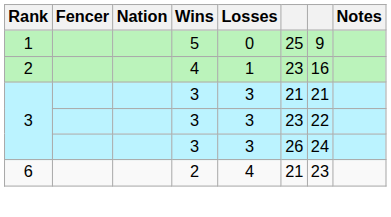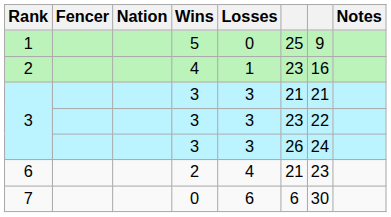 <table class="wikitable sortable" style="text-align:center">
 <tr>
 <th>Rank</th>
 <th>Fencer</th>
 <th>Nation</th>
 <th>Wins</th>
 <th>Losses</th>
 <th></th>
 <th></th>
 <th>Notes</th>
 </tr>
 <tr style="background:#bbf3bb;">
 <td>1</td>
 <td align=left></td>
 <td align=left></td>
 <td>5</td>
 <td>0</td>
 <td>25</td>
 <td>9</td>
 <td></td>
 </tr>
 <tr style="background:#bbf3bb;">
 <td>2</td>
 <td align=left></td>
 <td align=left></td>
 <td>4</td>
 <td>1</td>
 <td>23</td>
 <td>16</td>
 <td></td>
 </tr>
 <tr style="background:#bbf3ff;">
 <td rowspan=3>3</td>
 <td align=left></td>
 <td align=left></td>
 <td>3</td>
 <td>3</td>
 <td>21</td>
 <td>21</td>
 <td></td>
 </tr>
 <tr style="background:#bbf3ff;">
 <td align=left></td>
 <td align=left></td>
 <td>3</td>
 <td>3</td>
 <td>23</td>
 <td>22</td>
 <td></td>
 </tr>
 <tr style="background:#bbf3ff;">
 <td align=left></td>
 <td align=left></td>
 <td>3</td>
 <td>3</td>
 <td>26</td>
 <td>24</td>
 <td></td>
 </tr>
 <tr>
 <td>6</td>
 <td align=left></td>
 <td align=left></td>
 <td>2</td>
 <td>4</td>
 <td>21</td>
 <td>23</td>
 <td></td>
 </tr>
+<tr>
+<td>7</td>
+<td align=left></td>
+<td align=left></td>
+<td>0</td>
+<td>6</td>
+<td>6</td>
+<td>30</td>
+<td></td>
+</tr>
 </table>
